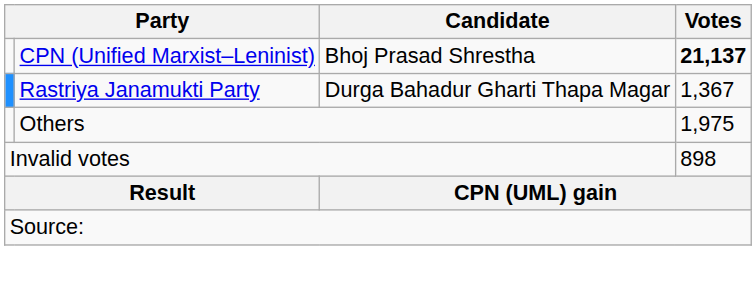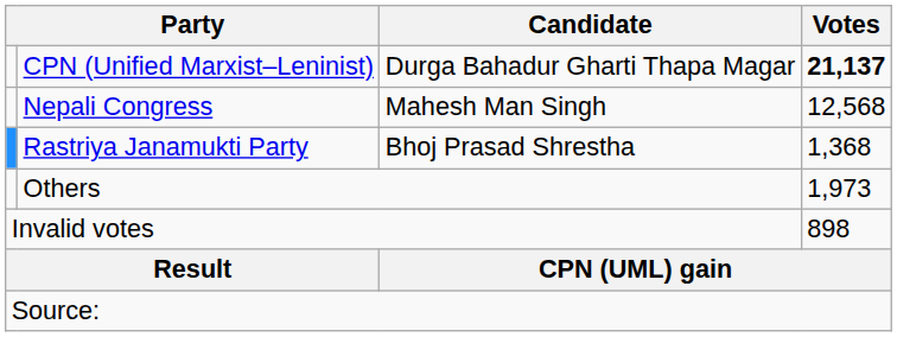 <table class="wikitable">
 <tr>
 <th colspan="2">Party</th>
 <th>Candidate</th>
 <th>Votes</th>
 </tr>
 <tr>
 <td style="background-color:"></td>
 <td><a href='#'>CPN (Unified Marxist–Leninist)</a></td>
-<td>Bhoj Prasad Shrestha</td>
+<td>Durga Bahadur Gharti Thapa Magar</td>
 <td><strong>21,137</strong></td>
+</tr>
+<tr>
+<td style="background-color:"></td>
+<td><a href='#'>Nepali Congress</a></td>
+<td>Mahesh Man Singh</td>
+<td>12,568</td>
 </tr>
 <tr>
 <td style="background-color:dodgerblue"></td>
 <td><a href='#'>Rastriya Janamukti Party</a></td>
-<td>Durga Bahadur Gharti Thapa Magar</td>
-<td>1,367</td>
+<td>Bhoj Prasad Shrestha</td>
+<td>1,368</td>
 </tr>
 <tr>
 <td></td>
 <td colspan="2">Others</td>
-<td>1,975</td>
+<td>1,973</td>
 </tr>
 <tr>
 <td colspan="3">Invalid votes</td>
 <td>898</td>
 </tr>
 <tr>
 <th colspan="2">Result</th>
 <th colspan="2">CPN (UML) gain</th>
 </tr>
 <tr>
 <td colspan="4">Source: </td>
 </tr>
 </table>
